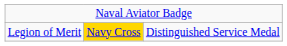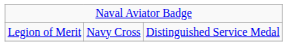 <table class="wikitable" style="margin:1em auto; text-align:center;">
 <tr>
 <td colspan="3"><a href='#'>Naval Aviator Badge</a></td>
 </tr>
 <tr>
 <td><a href='#'>Legion of Merit</a></td>
-<td style="background: gold;"><a href='#'>Navy Cross</a></td>
+<td><a href='#'>Navy Cross</a></td>
 <td><a href='#'>Distinguished Service Medal</a></td>
 </tr>
 </table>
